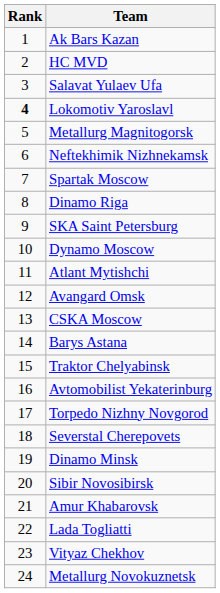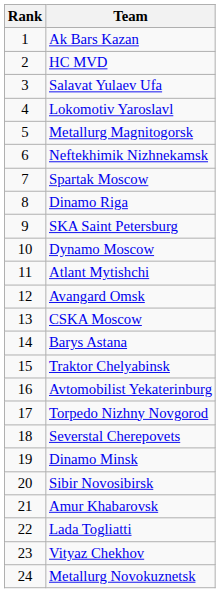 <table class="wikitable">
 <tr>
 <th align="center">Rank</th>
 <th>Team</th>
 </tr>
 <tr>
 <td rowspan="1" align="center">1</td>
 <td> <a href='#'>Ak Bars Kazan</a></td>
 </tr>
 <tr>
 <td rowspan="1" align="center">2</td>
 <td> <a href='#'>HC MVD</a></td>
 </tr>
 <tr>
 <td rowspan="1" align="center">3</td>
 <td> <a href='#'>Salavat Yulaev Ufa</a></td>
 </tr>
 <tr>
-<td rowspan="1" align="center"><strong>4</strong></td>
+<td rowspan="1" align="center">4</td>
 <td> <a href='#'>Lokomotiv Yaroslavl</a></td>
 </tr>
 <tr>
 <td rowspan="1" align="center">5</td>
 <td> <a href='#'>Metallurg Magnitogorsk</a></td>
 </tr>
 <tr>
 <td rowspan="1" align="center">6</td>
 <td> <a href='#'>Neftekhimik Nizhnekamsk</a></td>
 </tr>
 <tr>
 <td rowspan="1" align="center">7</td>
 <td> <a href='#'>Spartak Moscow</a></td>
 </tr>
 <tr>
 <td rowspan="1" align="center">8</td>
 <td> <a href='#'>Dinamo Riga</a></td>
 </tr>
 <tr>
 <td rowspan="1" align="center">9</td>
 <td> <a href='#'>SKA Saint Petersburg</a></td>
 </tr>
 <tr>
 <td rowspan="1" align="center">10</td>
 <td> <a href='#'>Dynamo Moscow</a></td>
 </tr>
 <tr>
 <td rowspan="1" align="center">11</td>
 <td> <a href='#'>Atlant Mytishchi</a></td>
 </tr>
 <tr>
 <td rowspan="1" align="center">12</td>
 <td> <a href='#'>Avangard Omsk</a></td>
 </tr>
 <tr>
 <td rowspan="1" align="center">13</td>
 <td> <a href='#'>CSKA Moscow</a></td>
 </tr>
 <tr>
 <td rowspan="1" align="center">14</td>
 <td> <a href='#'>Barys Astana</a></td>
 </tr>
 <tr>
 <td rowspan="1" align="center">15</td>
 <td> <a href='#'>Traktor Chelyabinsk</a></td>
 </tr>
 <tr>
 <td rowspan="1" align="center">16</td>
 <td> <a href='#'>Avtomobilist Yekaterinburg</a></td>
 </tr>
 <tr>
 <td rowspan="1" align="center">17</td>
 <td> <a href='#'>Torpedo Nizhny Novgorod</a></td>
 </tr>
 <tr>
 <td rowspan="1" align="center">18</td>
 <td> <a href='#'>Severstal Cherepovets</a></td>
 </tr>
 <tr>
 <td rowspan="1" align="center">19</td>
 <td> <a href='#'>Dinamo Minsk</a></td>
 </tr>
 <tr>
 <td rowspan="1" align="center">20</td>
 <td> <a href='#'>Sibir Novosibirsk</a></td>
 </tr>
 <tr>
 <td rowspan="1" align="center">21</td>
 <td> <a href='#'>Amur Khabarovsk</a></td>
 </tr>
 <tr>
 <td rowspan="1" align="center">22</td>
 <td> <a href='#'>Lada Togliatti</a></td>
 </tr>
 <tr>
 <td rowspan="1" align="center">23</td>
 <td> <a href='#'>Vityaz Chekhov</a></td>
 </tr>
 <tr>
 <td rowspan="1" align="center">24</td>
 <td> <a href='#'>Metallurg Novokuznetsk</a></td>
 </tr>
 </table>
